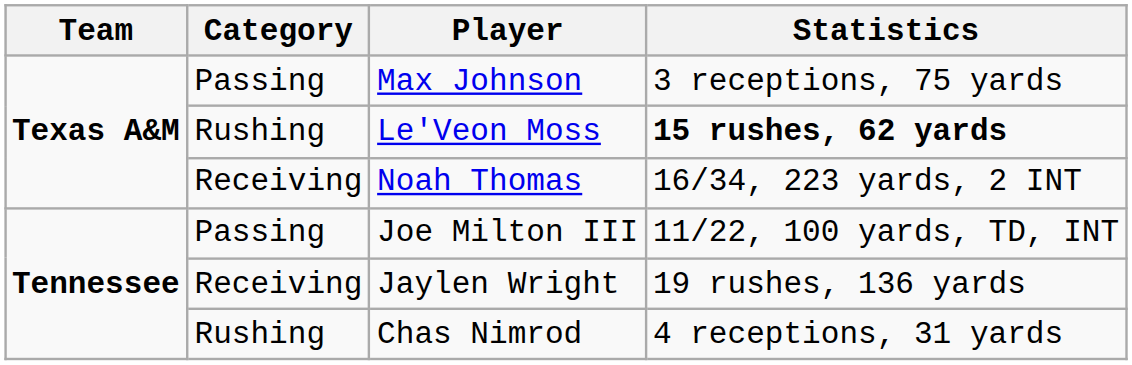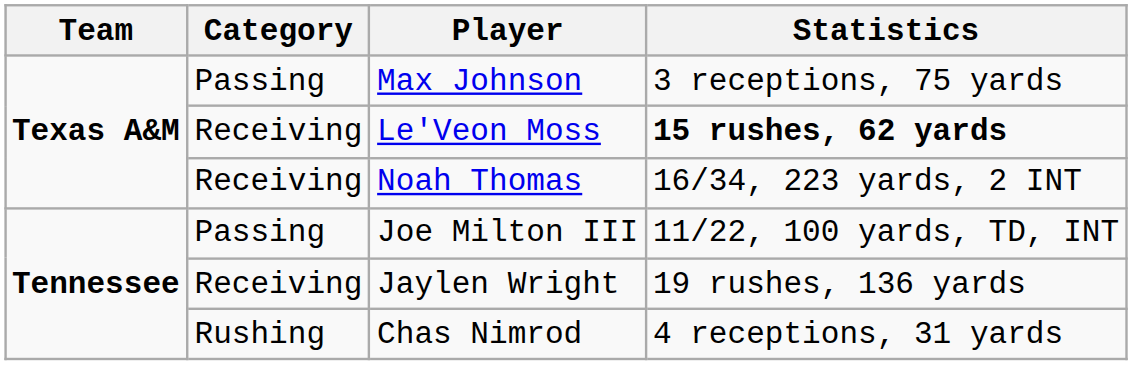 <table class="wikitable" style="float: right;">
 <tr>
 <th>Team</th>
 <th>Category</th>
 <th>Player</th>
 <th>Statistics</th>
 </tr>
 <tr>
 <td rowspan=3><strong>Texas A&M</strong></td>
 <td>Passing</td>
 <td><a href='#'>Max Johnson</a></td>
 <td>3 receptions, 75 yards</td>
 </tr>
 <tr>
-<td>Rushing</td>
+<td>Receiving</td>
 <td><a href='#'>Le'Veon Moss</a></td>
 <td><strong>15 rushes, 62 yards</strong></td>
 </tr>
 <tr>
 <td>Receiving</td>
 <td><a href='#'>Noah Thomas</a></td>
 <td>16/34, 223 yards, 2 INT</td>
 </tr>
 <tr>
 <td rowspan=3><strong>Tennessee</strong></td>
 <td>Passing</td>
 <td>Joe Milton III</td>
 <td>11/22, 100 yards, TD, INT</td>
 </tr>
 <tr>
 <td>Receiving</td>
 <td>Jaylen Wright</td>
 <td>19 rushes, 136 yards</td>
 </tr>
 <tr>
 <td>Rushing</td>
 <td>Chas Nimrod</td>
 <td>4 receptions, 31 yards</td>
 </tr>
 </table>
